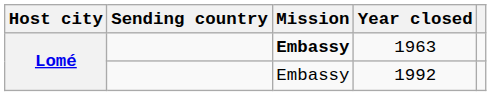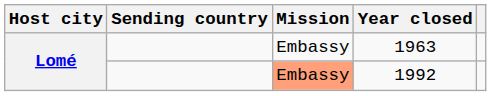 <table class="wikitable plainrowheaders">
 <tr>
 <th scope="col">Host city</th>
 <th scope="col">Sending country</th>
 <th scope="col">Mission</th>
 <th scope="col">Year closed</th>
 <th scope="col"></th>
 </tr>
 <tr>
 <th rowspan="2"><a href='#'>Lomé</a></th>
 <td></td>
-<td style="text-align:center;"><strong>Embassy</strong></td>
+<td style="text-align:center;">Embassy</td>
 <td style="text-align:center;">1963</td>
 <td style="text-align:center;"></td>
 </tr>
 <tr>
 <td></td>
-<td style="text-align:center;">Embassy</td>
+<td style="background: lightsalmon; text-align:center;">Embassy</td>
 <td style="text-align:center;">1992</td>
 <td style="text-align:center;"></td>
 </tr>
 </table>
